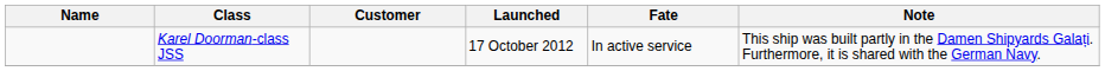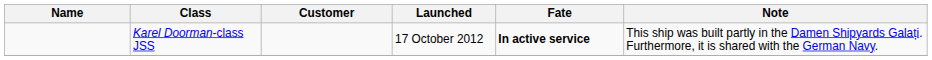 <table class="wikitable mw-collapsible mw-collapsed">
 <tr>
 <th width="200">Name</th>
 <th width="200">Class</th>
 <th width="200">Customer</th>
 <th width="150">Launched</th>
 <th width="200">Fate</th>
 <th width="500">Note</th>
 </tr>
 <tr>
 <td></td>
 <td><a href='#'><em>Karel Doorman</em>-class JSS</a></td>
 <td></td>
 <td>17 October 2012</td>
-<td>In active service</td>
+<td><strong>In active service</strong></td>
 <td>This ship was built partly in the <a href='#'>Damen Shipyards Galați</a>. Furthermore, it is shared with the <a href='#'>German Navy</a>.</td>
 </tr>
 <tr>
 </tr>
 </table>
